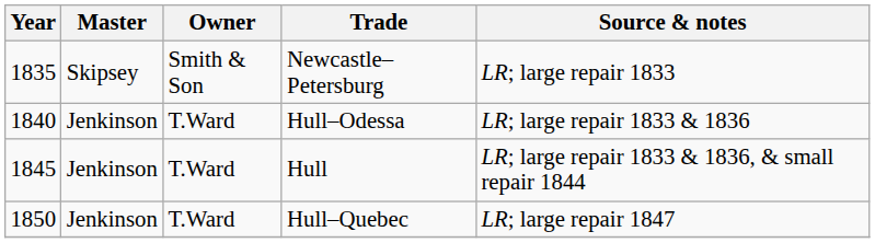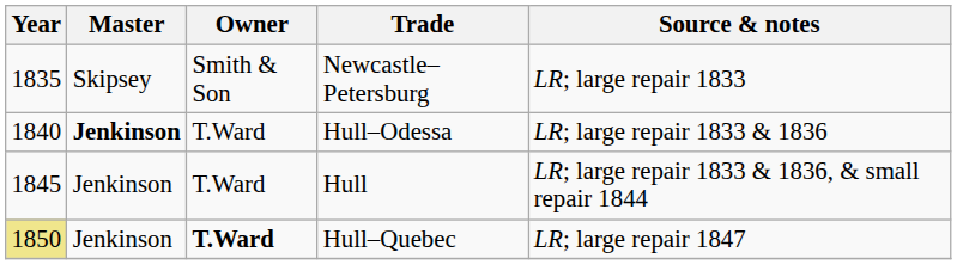 <table class="sortable wikitable">
 <tr>
 <th>Year</th>
 <th>Master</th>
 <th>Owner</th>
 <th>Trade</th>
 <th>Source & notes</th>
 </tr>
 <tr>
 <td>1835</td>
 <td>Skipsey</td>
 <td>Smith & Son</td>
 <td>Newcastle–Petersburg</td>
 <td><em>LR</em>; large repair 1833</td>
 </tr>
 <tr>
 <td>1840</td>
-<td>Jenkinson</td>
+<td><strong>Jenkinson</strong></td>
 <td>T.Ward</td>
 <td>Hull–Odessa</td>
 <td><em>LR</em>; large repair 1833 & 1836</td>
 </tr>
 <tr>
 <td>1845</td>
 <td>Jenkinson</td>
 <td>T.Ward</td>
 <td>Hull</td>
 <td><em>LR</em>; large repair 1833 & 1836, & small repair 1844</td>
 </tr>
 <tr>
-<td>1850</td>
+<td style="background: khaki;">1850</td>
 <td>Jenkinson</td>
-<td>T.Ward</td>
+<td><strong>T.Ward</strong></td>
 <td>Hull–Quebec</td>
 <td><em>LR</em>; large repair 1847</td>
 </tr>
 <tr>
 </tr>
 </table>
